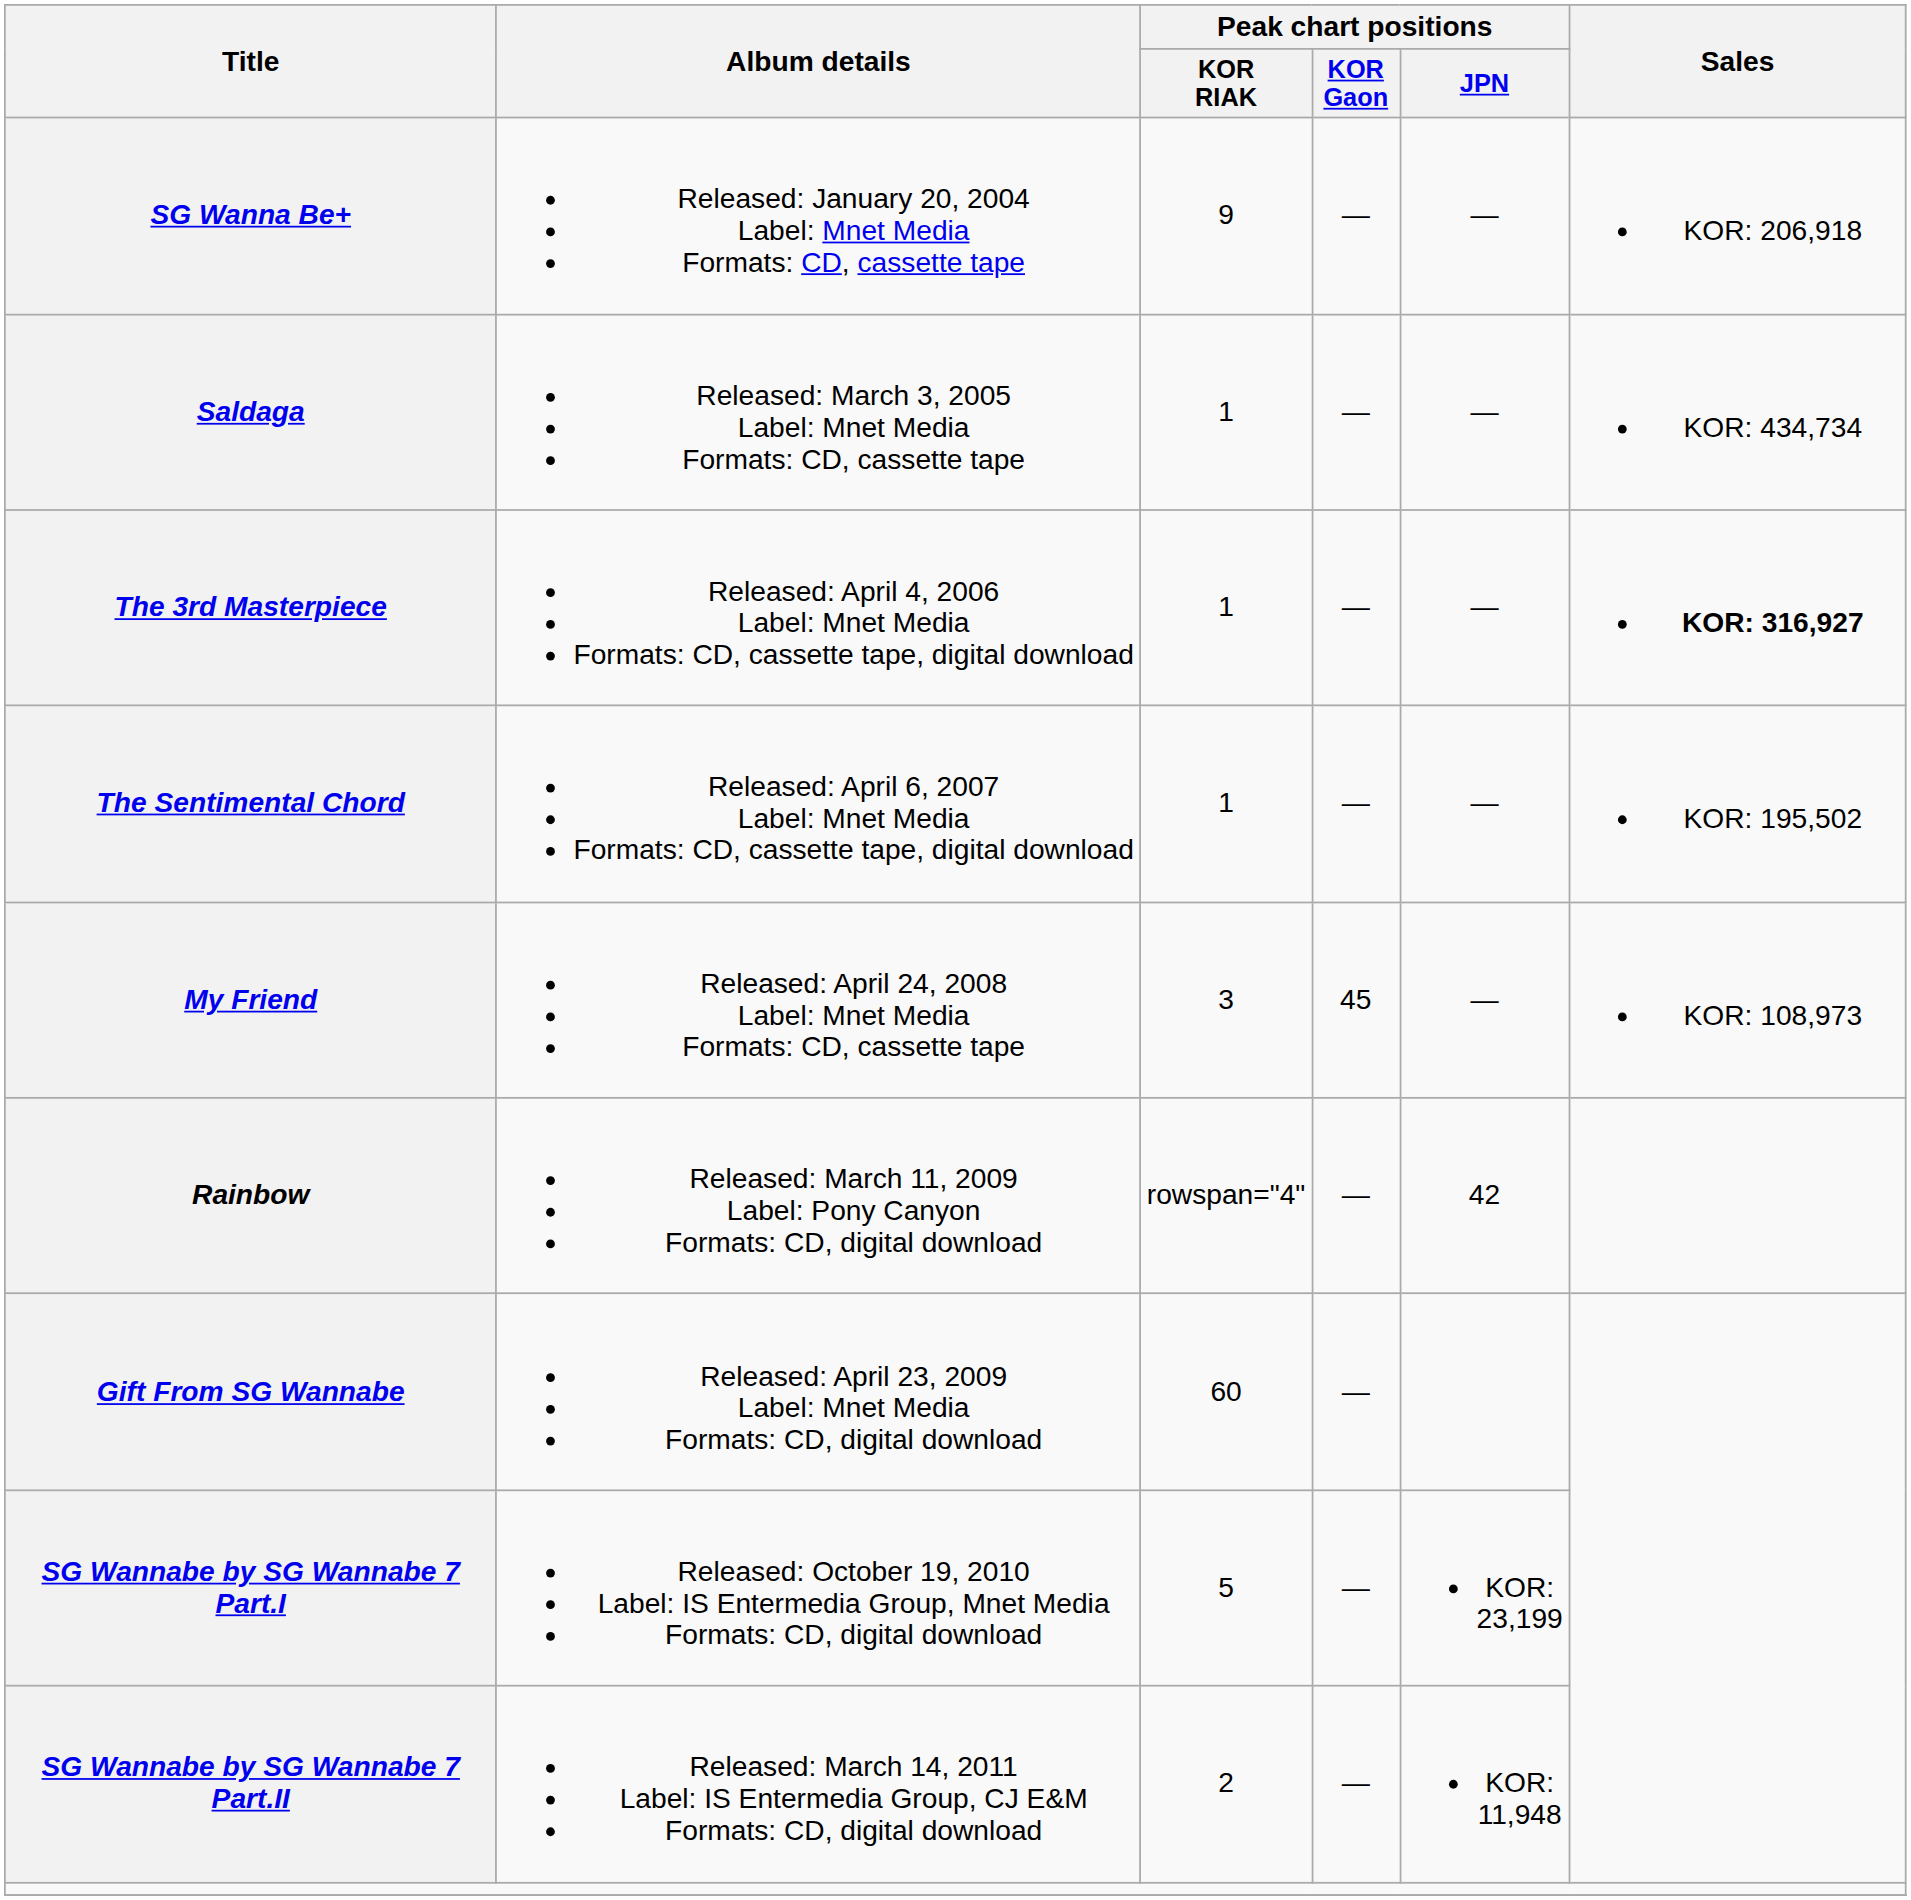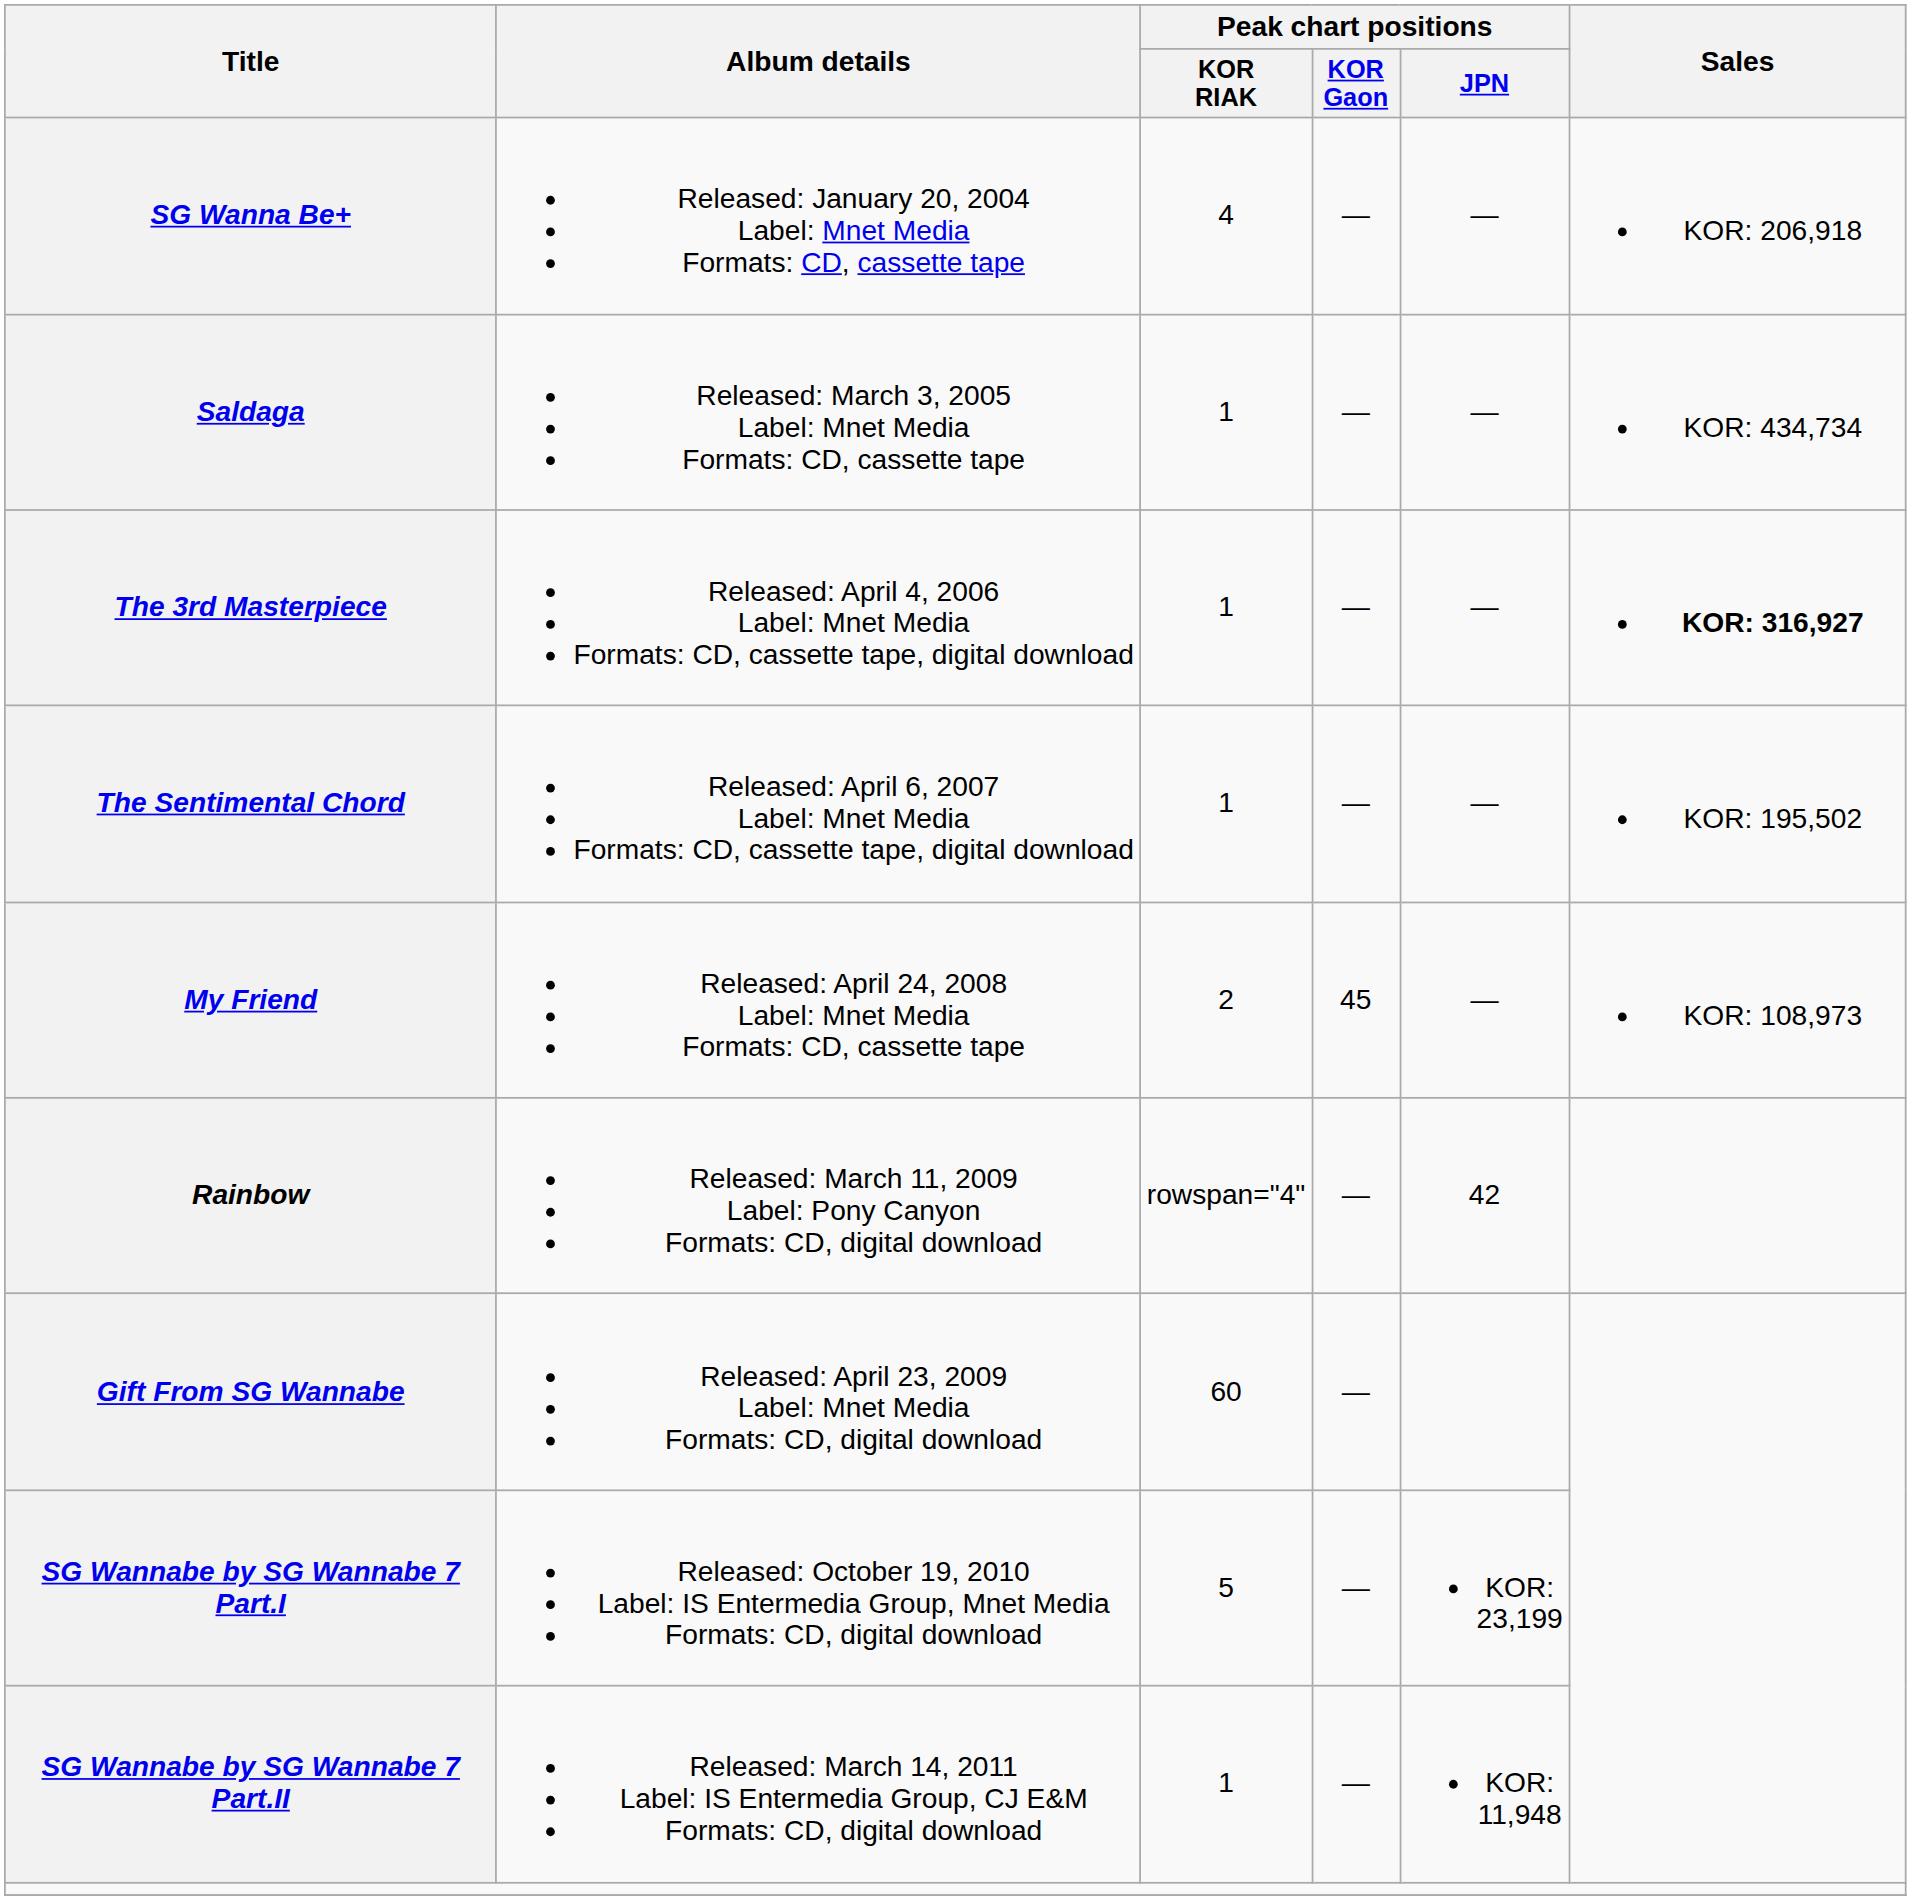 <table class="wikitable plainrowheaders" style="text-align:center;">
 <tr>
 <th scope="col" rowspan="2" style="width:17em;">Title</th>
 <th scope="col" rowspan="2">Album details</th>
 <th scope="col" colspan="3">Peak chart positions</th>
 <th scope="col" rowspan="2" style="width:11.5em;">Sales</th>
 </tr>
 <tr>
 <th scope="col" style="width:3em;font-size:90%;">KOR<br>RIAK<br></th>
 <th scope="col" style="width:3em;font-size:90%;"><a href='#'>KOR<br>Gaon</a><br></th>
 <th scope="col" style="width:3em;font-size:90%;"><a href='#'>JPN</a><br></th>
 </tr>
 <tr>
 <th scope="row"><em><a href='#'>SG Wanna Be+</a></em></th>
 <td><br><ul><li>Released: January 20, 2004 </li><li>Label: <a href='#'>Mnet Media</a></li><li>Formats: <a href='#'>CD</a>, <a href='#'>cassette tape</a></li></ul></td>
-<td>9</td>
+<td>4</td>
 <td>—</td>
 <td>—</td>
 <td><br><ul><li>KOR: 206,918</li></ul></td>
 </tr>
 <tr>
 <th scope="row"><em><a href='#'>Saldaga</a></em></th>
 <td><br><ul><li>Released: March 3, 2005 </li><li>Label: Mnet Media</li><li>Formats: CD, cassette tape</li></ul></td>
 <td>1</td>
 <td>—</td>
 <td>—</td>
 <td><br><ul><li>KOR: 434,734</li></ul></td>
 </tr>
 <tr>
 <th scope="row"><em><a href='#'>The 3rd Masterpiece</a></em></th>
 <td><br><ul><li>Released: April 4, 2006 </li><li>Label: Mnet Media</li><li>Formats: CD, cassette tape, digital download</li></ul></td>
 <td>1</td>
 <td>—</td>
 <td>—</td>
 <td><strong><br><ul><li>KOR: 316,927</li></ul></strong></td>
 </tr>
 <tr>
 <th scope="row"><em><a href='#'>The Sentimental Chord</a></em></th>
 <td><br><ul><li>Released: April 6, 2007 </li><li>Label: Mnet Media</li><li>Formats: CD, cassette tape, digital download</li></ul></td>
 <td>1</td>
 <td>—</td>
 <td>—</td>
 <td><br><ul><li>KOR: 195,502</li></ul></td>
 </tr>
 <tr>
 <th scope="row"><em><a href='#'>My Friend</a></em></th>
 <td><br><ul><li>Released: April 24, 2008 </li><li>Label: Mnet Media</li><li>Formats: CD, cassette tape</li></ul></td>
-<td>3</td>
+<td>2</td>
 <td>45</td>
 <td>—</td>
 <td><br><ul><li>KOR: 108,973</li></ul></td>
 </tr>
 <tr>
 <th scope="row"><em>Rainbow</em></th>
 <td><br><ul><li>Released: March 11, 2009 </li><li>Label: Pony Canyon</li><li>Formats: CD, digital download</li></ul></td>
 <td>rowspan="4" </td>
 <td>—</td>
 <td>42</td>
 <td></td>
 </tr>
 <tr>
 <th scope="row"><em><a href='#'>Gift From SG Wannabe</a></em></th>
 <td><br><ul><li>Released: April 23, 2009 </li><li>Label: Mnet Media</li><li>Formats: CD, digital download</li></ul></td>
 <td>60</td>
 <td>—</td>
 <td></td>
 </tr>
 <tr>
 <th scope="row"><em><a href='#'>SG Wannabe by SG Wannabe 7 Part.I</a></em></th>
 <td><br><ul><li>Released: October 19, 2010 </li><li>Label: IS Entermedia Group, Mnet Media</li><li>Formats: CD, digital download</li></ul></td>
 <td>5</td>
 <td>—</td>
 <td><br><ul><li>KOR: 23,199</li></ul></td>
 </tr>
 <tr>
 <th scope="row"><em><a href='#'>SG Wannabe by SG Wannabe 7 Part.II</a></em></th>
 <td><br><ul><li>Released: March 14, 2011 </li><li>Label: IS Entermedia Group, CJ E&M</li><li>Formats: CD, digital download</li></ul></td>
-<td>2</td>
+<td>1</td>
 <td>—</td>
 <td><br><ul><li>KOR: 11,948</li></ul></td>
 </tr>
 <tr>
 <td colspan="6"></td>
 </tr>
 <tr>
 </tr>
 </table>
